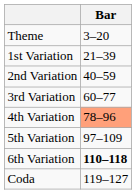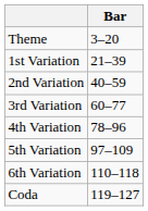 <table class="wikitable">
 <tr>
 <th></th>
 <th>Bar</th>
 </tr>
 <tr>
 <td>Theme</td>
 <td>3–20</td>
 </tr>
 <tr>
 <td>1st Variation</td>
 <td>21–39</td>
 </tr>
 <tr>
 <td>2nd Variation</td>
 <td>40–59</td>
 </tr>
 <tr>
 <td>3rd Variation</td>
 <td>60–77</td>
 </tr>
 <tr>
 <td>4th Variation</td>
-<td style="background: lightsalmon;">78–96</td>
+<td>78–96</td>
 </tr>
 <tr>
 <td>5th Variation</td>
 <td>97–109</td>
 </tr>
 <tr>
 <td>6th Variation</td>
-<td><strong>110–118</strong></td>
+<td>110–118</td>
 </tr>
 <tr>
 <td>Coda</td>
 <td>119–127</td>
 </tr>
 </table>
